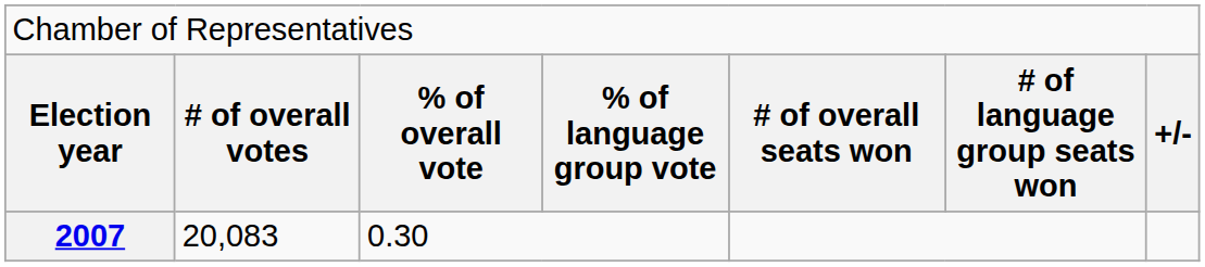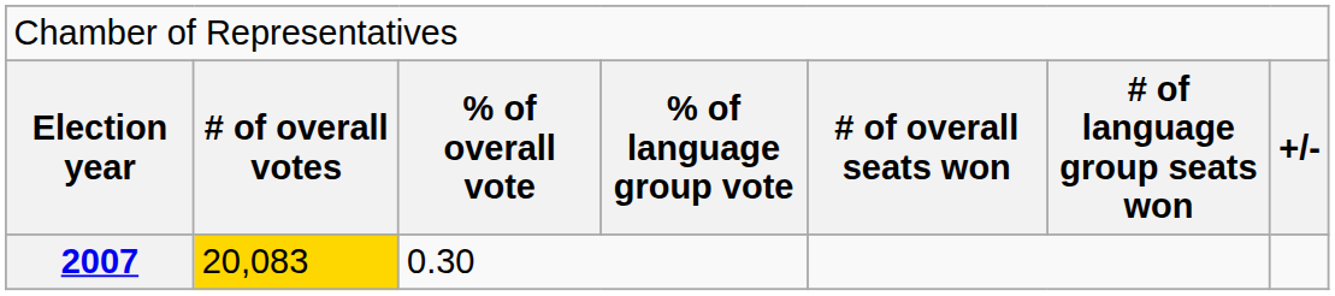 <table class=wikitable>
 <tr>
 <td colspan=7>Chamber of Representatives</td>
 </tr>
 <tr>
 <th>Election year</th>
 <th># of overall votes</th>
 <th>% of overall vote</th>
 <th>% of language<br>group vote</th>
 <th># of overall seats won</th>
 <th># of language<br>group seats won</th>
 <th>+/-</th>
 </tr>
 <tr>
 <th><a href='#'>2007</a></th>
-<td>20,083</td>
+<td style="background: gold;">20,083</td>
 <td colspan=2>0.30</td>
 <td colspan=2></td>
 <td></td>
 </tr>
 </table>
